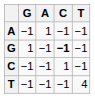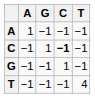 <table class="wikitable">
 <tr>
 <th scope="col"></th>
+<th scope="col">A</th>
 <th scope="col">G</th>
-<th scope="col">A</th>
 <th scope="col">C</th>
 <th scope="col">T</th>
 </tr>
 <tr style="text-align: right;">
 <th scope="row">A</th>
+<td>1</td>
 <td>−1</td>
-<td>1</td>
 <td>−1</td>
 <td>−1</td>
 </tr>
 <tr style="text-align: right;">
-<th scope="row">G</th>
+<th scope="row">C</th>
+<td>−1</td>
 <td>1</td>
-<td>−1</td>
 <td><strong>−1</strong></td>
 <td>−1</td>
 </tr>
 <tr style="text-align: right;">
-<th scope="row">C</th>
+<th scope="row">G</th>
 <td>−1</td>
 <td>−1</td>
 <td>1</td>
 <td>−1</td>
 </tr>
 <tr style="text-align: right;">
 <th scope="row">T</th>
 <td>−1</td>
 <td>−1</td>
 <td>−1</td>
 <td>4</td>
 </tr>
 </table>
